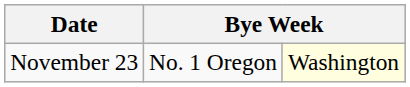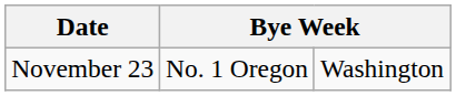 <table class="wikitable" style="font-size:95%;">
 <tr>
 <th>Date</th>
 <th colspan="2">Bye Week</th>
 </tr>
 <tr>
 <td>November 23</td>
 <td>No. 1 Oregon</td>
-<td style="background: lightyellow;">Washington</td>
+<td>Washington</td>
 </tr>
 </table>
